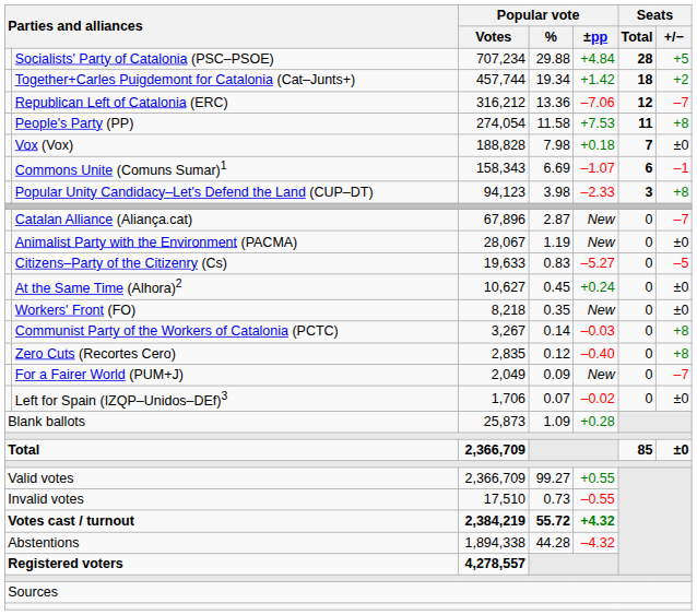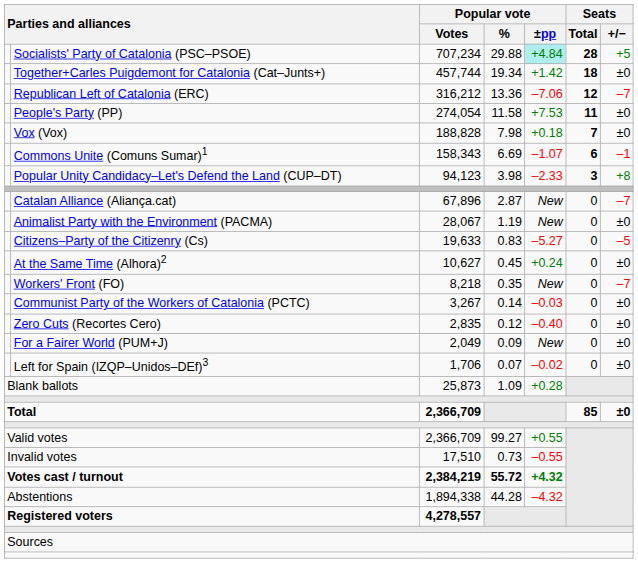 <table class="wikitable" style="text-align:right;">
 <tr>
 <th style="text-align:left;" rowspan="2" colspan="2" width="525">Parties and alliances</th>
 <th colspan="3">Popular vote</th>
 <th colspan="2">Seats</th>
 </tr>
 <tr>
 <th width="75">Votes</th>
 <th width="45">%</th>
 <th width="45">±<a href='#'>pp</a></th>
 <th width="35">Total</th>
 <th width="35">+/−</th>
 </tr>
 <tr>
 <td width="1" style="color:inherit;background:"></td>
 <td align="left"><a href='#'>Socialists' Party of Catalonia</a> (PSC–PSOE)</td>
 <td>707,234</td>
 <td>29.88</td>
-<td style="color:green;">+4.84</td>
+<td style="background: paleturquoise; color:green;">+4.84</td>
 <td><strong>28</strong></td>
 <td style="color:green;">+5</td>
 </tr>
 <tr>
 <td style="color:inherit;background:"></td>
 <td align="left"><a href='#'>Together+Carles Puigdemont for Catalonia</a> (Cat–Junts+)</td>
 <td>457,744</td>
 <td>19.34</td>
 <td style="color:green;">+1.42</td>
 <td><strong>18</strong></td>
-<td style="color:green;">+2</td>
+<td>±0</td>
 </tr>
 <tr>
 <td style="color:inherit;background:"></td>
 <td align="left"><a href='#'>Republican Left of Catalonia</a> (ERC)</td>
 <td>316,212</td>
 <td>13.36</td>
 <td style="color:red;">–7.06</td>
 <td><strong>12</strong></td>
 <td style="color:red;">–7</td>
 </tr>
 <tr>
 <td style="color:inherit;background:"></td>
 <td align="left"><a href='#'>People's Party</a> (PP)</td>
 <td>274,054</td>
 <td>11.58</td>
 <td style="color:green;">+7.53</td>
 <td><strong>11</strong></td>
-<td style="color:green;">+8</td>
+<td>±0</td>
 </tr>
 <tr>
 <td style="color:inherit;background:"></td>
 <td align="left"><a href='#'>Vox</a> (Vox)</td>
 <td>188,828</td>
 <td>7.98</td>
 <td style="color:green;">+0.18</td>
 <td><strong>7</strong></td>
 <td>±0</td>
 </tr>
 <tr>
 <td style="color:inherit;background:"></td>
 <td align="left"><a href='#'>Commons Unite</a> (Comuns Sumar)<sup>1</sup></td>
 <td>158,343</td>
 <td>6.69</td>
 <td style="color:red;">–1.07</td>
 <td><strong>6</strong></td>
 <td style="color:red;">–1</td>
 </tr>
 <tr>
 <td style="color:inherit;background:"></td>
 <td align="left"><a href='#'>Popular Unity Candidacy–Let's Defend the Land</a> (CUP–DT)</td>
 <td>94,123</td>
 <td>3.98</td>
 <td style="color:red;">–2.33</td>
 <td><strong>3</strong></td>
 <td style="color:green;">+8</td>
 </tr>
 <tr>
 <td colspan="7" bgcolor="#C0C0C0"></td>
 </tr>
 <tr>
 <td style="color:inherit;background:"></td>
 <td align="left"><a href='#'>Catalan Alliance</a> (Aliança.cat)</td>
 <td>67,896</td>
 <td>2.87</td>
 <td><em>New</em></td>
 <td>0</td>
 <td style="color:red;">–7</td>
 </tr>
 <tr>
 <td style="color:inherit;background:"></td>
 <td align="left"><a href='#'>Animalist Party with the Environment</a> (PACMA)</td>
 <td>28,067</td>
 <td>1.19</td>
 <td><em>New</em></td>
 <td>0</td>
 <td>±0</td>
 </tr>
 <tr>
 <td style="color:inherit;background:"></td>
 <td align="left"><a href='#'>Citizens–Party of the Citizenry</a> (Cs)</td>
 <td>19,633</td>
 <td>0.83</td>
 <td style="color:red;">–5.27</td>
 <td>0</td>
 <td style="color:red;">–5</td>
 </tr>
 <tr>
 <td style="color:inherit;background:"></td>
 <td align="left"><a href='#'>At the Same Time</a> (Alhora)<sup>2</sup></td>
 <td>10,627</td>
 <td>0.45</td>
 <td style="color:green;">+0.24</td>
 <td>0</td>
 <td>±0</td>
 </tr>
 <tr>
 <td style="color:inherit;background:"></td>
 <td align="left"><a href='#'>Workers' Front</a> (FO)</td>
 <td>8,218</td>
 <td>0.35</td>
 <td><em>New</em></td>
 <td>0</td>
-<td>±0</td>
+<td style="color:red;">–7</td>
 </tr>
 <tr>
 <td style="color:inherit;background:"></td>
 <td align="left"><a href='#'>Communist Party of the Workers of Catalonia</a> (PCTC)</td>
 <td>3,267</td>
 <td>0.14</td>
 <td style="color:red;">–0.03</td>
 <td>0</td>
-<td style="color:green;">+8</td>
+<td>±0</td>
 </tr>
 <tr>
 <td style="color:inherit;background:"></td>
 <td align="left"><a href='#'>Zero Cuts</a> (Recortes Cero)</td>
 <td>2,835</td>
 <td>0.12</td>
 <td style="color:red;">–0.40</td>
 <td>0</td>
-<td style="color:green;">+8</td>
+<td>±0</td>
 </tr>
 <tr>
 <td style="color:inherit;background:"></td>
 <td align="left"><a href='#'>For a Fairer World</a> (PUM+J)</td>
 <td>2,049</td>
 <td>0.09</td>
 <td><em>New</em></td>
 <td>0</td>
-<td style="color:red;">–7</td>
+<td>±0</td>
 </tr>
 <tr>
 <td style="color:inherit;background:"></td>
 <td align="left">Left for Spain (IZQP–Unidos–DEf)<sup>3</sup></td>
 <td>1,706</td>
 <td>0.07</td>
 <td style="color:red;">–0.02</td>
 <td>0</td>
 <td>±0</td>
 </tr>
 <tr>
 <td align="left" colspan="2">Blank ballots</td>
 <td>25,873</td>
 <td>1.09</td>
 <td style="color:green;">+0.28</td>
 <td bgcolor="#E9E9E9" colspan="2"></td>
 </tr>
 <tr>
 <td colspan="7" bgcolor="#E9E9E9"></td>
 </tr>
 <tr style="font-weight:bold;">
 <td align="left" colspan="2">Total</td>
 <td>2,366,709</td>
 <td bgcolor="#E9E9E9" colspan="2"></td>
 <td>85</td>
 <td>±0</td>
 </tr>
 <tr>
 <td colspan="7" bgcolor="#E9E9E9"></td>
 </tr>
 <tr>
 <td align="left" colspan="2">Valid votes</td>
 <td>2,366,709</td>
 <td>99.27</td>
 <td style="color:green;">+0.55</td>
 <td bgcolor="#E9E9E9" colspan="2" rowspan="5"></td>
 </tr>
 <tr>
 <td align="left" colspan="2">Invalid votes</td>
 <td>17,510</td>
 <td>0.73</td>
 <td style="color:red;">–0.55</td>
 </tr>
 <tr style="font-weight:bold;">
 <td align="left" colspan="2">Votes cast / turnout</td>
 <td>2,384,219</td>
 <td>55.72</td>
 <td style="color:green;">+4.32</td>
 </tr>
 <tr>
 <td align="left" colspan="2">Abstentions</td>
 <td>1,894,338</td>
 <td>44.28</td>
 <td style="color:red;">–4.32</td>
 </tr>
 <tr style="font-weight:bold;">
 <td align="left" colspan="2">Registered voters</td>
 <td>4,278,557</td>
 <td bgcolor="#E9E9E9" colspan="2"></td>
 </tr>
 <tr>
 <td colspan="7" bgcolor="#E9E9E9"></td>
 </tr>
 <tr>
 <td align="left" colspan="7">Sources</td>
 </tr>
 <tr>
 <td colspan="7" style="text-align:left; max-width:790px;"></td>
 </tr>
 </table>
